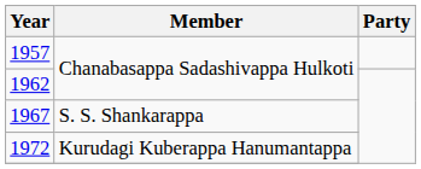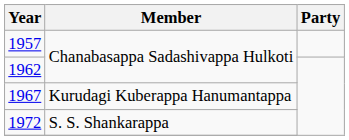 <table class="wikitable sortable">
 <tr>
 <th>Year</th>
 <th>Member</th>
 <th colspan="2">Party</th>
 </tr>
 <tr>
 <td><a href='#'>1957</a></td>
 <td rowspan=2>Chanabasappa Sadashivappa Hulkoti</td>
 <td></td>
 </tr>
 <tr>
 <td><a href='#'>1962</a></td>
 </tr>
 <tr>
 <td><a href='#'>1967</a></td>
-<td>S. S. Shankarappa</td>
+<td>Kurudagi Kuberappa Hanumantappa</td>
 </tr>
 <tr>
 <td><a href='#'>1972</a></td>
-<td>Kurudagi Kuberappa Hanumantappa</td>
+<td>S. S. Shankarappa</td>
 </tr>
 <tr>
 </tr>
 </table>
